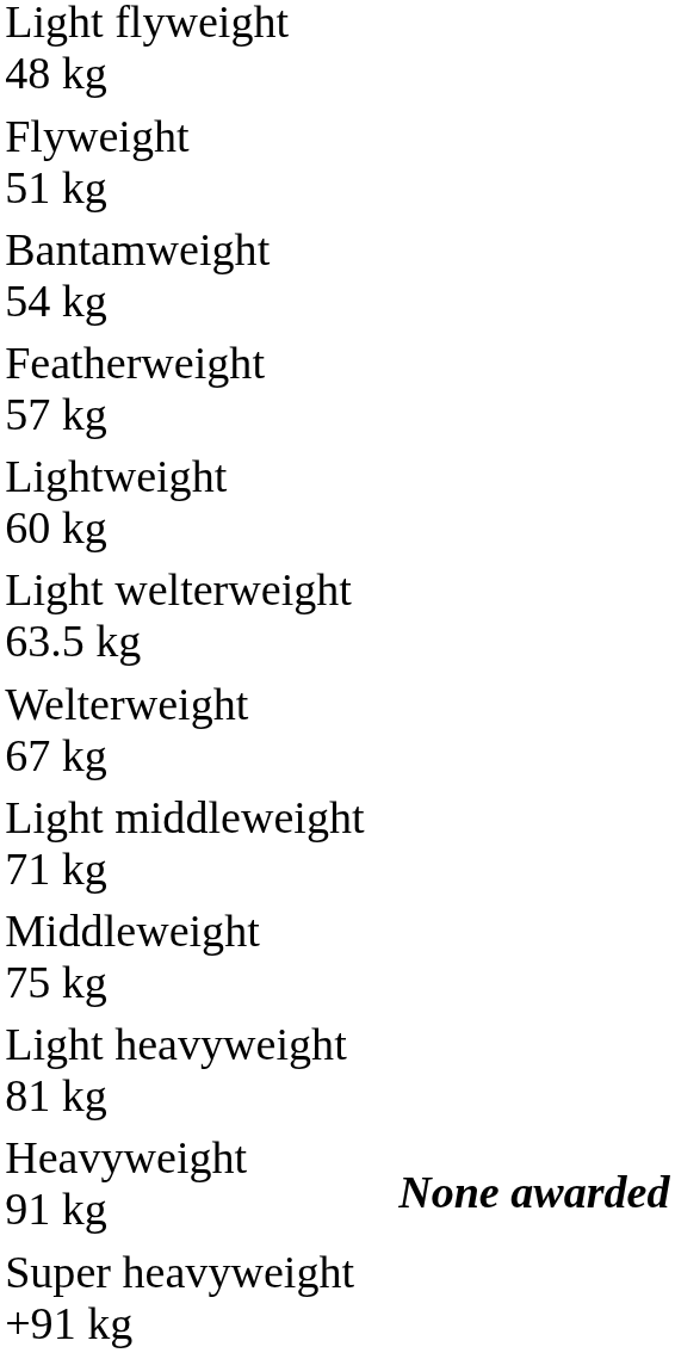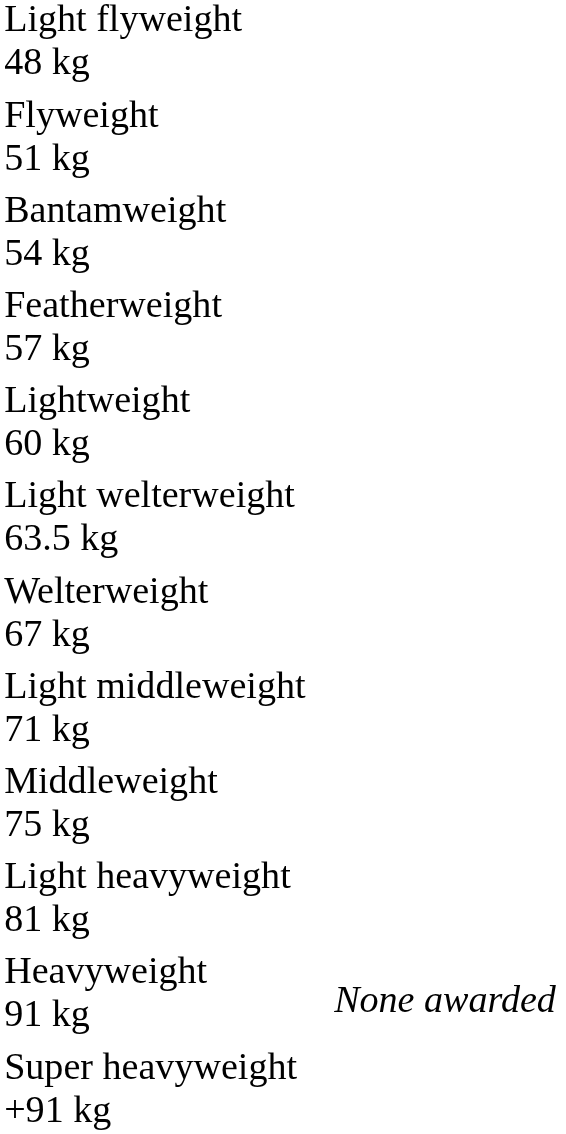 <table>
 <tr>
 <td rowspan=2>Light flyweight<br>48 kg</td>
 <td rowspan=2></td>
 <td rowspan=2></td>
 <td></td>
 </tr>
 <tr>
 <td></td>
 </tr>
 <tr>
 <td rowspan=2>Flyweight<br>51 kg</td>
 <td rowspan=2></td>
 <td rowspan=2></td>
 <td></td>
 </tr>
 <tr>
 <td></td>
 </tr>
 <tr>
 <td rowspan=2>Bantamweight<br>54 kg</td>
 <td rowspan=2></td>
 <td rowspan=2></td>
 <td></td>
 </tr>
 <tr>
 <td></td>
 </tr>
 <tr>
 <td rowspan=2>Featherweight<br>57 kg</td>
 <td rowspan=2></td>
 <td rowspan=2></td>
 <td></td>
 </tr>
 <tr>
 <td></td>
 </tr>
 <tr>
 <td rowspan=2>Lightweight<br>60 kg</td>
 <td rowspan=2></td>
 <td rowspan=2></td>
 <td></td>
 </tr>
 <tr>
 <td></td>
 </tr>
 <tr>
 <td rowspan=2>Light welterweight<br>63.5 kg</td>
 <td rowspan=2></td>
 <td rowspan=2></td>
 <td></td>
 </tr>
 <tr>
 <td></td>
 </tr>
 <tr>
 <td rowspan=2>Welterweight<br>67 kg</td>
 <td rowspan=2></td>
 <td rowspan=2></td>
 <td></td>
 </tr>
 <tr>
 <td></td>
 </tr>
 <tr>
 <td rowspan=2>Light middleweight<br>71 kg</td>
 <td rowspan=2></td>
 <td rowspan=2></td>
 <td></td>
 </tr>
 <tr>
 <td></td>
 </tr>
 <tr>
 <td rowspan=2>Middleweight<br>75 kg</td>
 <td rowspan=2></td>
 <td rowspan=2></td>
 <td></td>
 </tr>
 <tr>
 <td></td>
 </tr>
 <tr>
 <td rowspan=2>Light heavyweight<br>81 kg</td>
 <td rowspan=2></td>
 <td rowspan=2></td>
 <td></td>
 </tr>
 <tr>
 <td></td>
 </tr>
 <tr>
 <td rowspan=2>Heavyweight<br>91 kg</td>
 <td rowspan=2></td>
 <td rowspan=2></td>
 <td></td>
 </tr>
 <tr>
-<td><strong><em>None awarded</em></strong></td>
+<td><em>None awarded</em></td>
 </tr>
 <tr>
 <td rowspan=2>Super heavyweight<br>+91 kg</td>
 <td rowspan=2></td>
 <td rowspan=2></td>
 <td></td>
 </tr>
 <tr>
 <td></td>
 </tr>
 </table>
